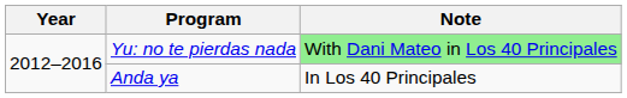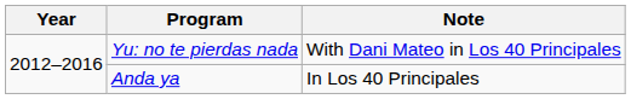 <table class=wikitable>
 <tr>
 <th>Year</th>
 <th>Program</th>
 <th>Note</th>
 </tr>
 <tr>
 <td rowspan="2">2012–2016</td>
 <td><em><a href='#'>Yu: no te pierdas nada</a></em></td>
-<td style="background: lightgreen;">With <a href='#'>Dani Mateo</a> in <a href='#'>Los 40 Principales</a></td>
+<td>With <a href='#'>Dani Mateo</a> in <a href='#'>Los 40 Principales</a></td>
 </tr>
 <tr>
 <td><em><a href='#'>Anda ya</a></em></td>
 <td>In Los 40 Principales</td>
 </tr>
 </table>
